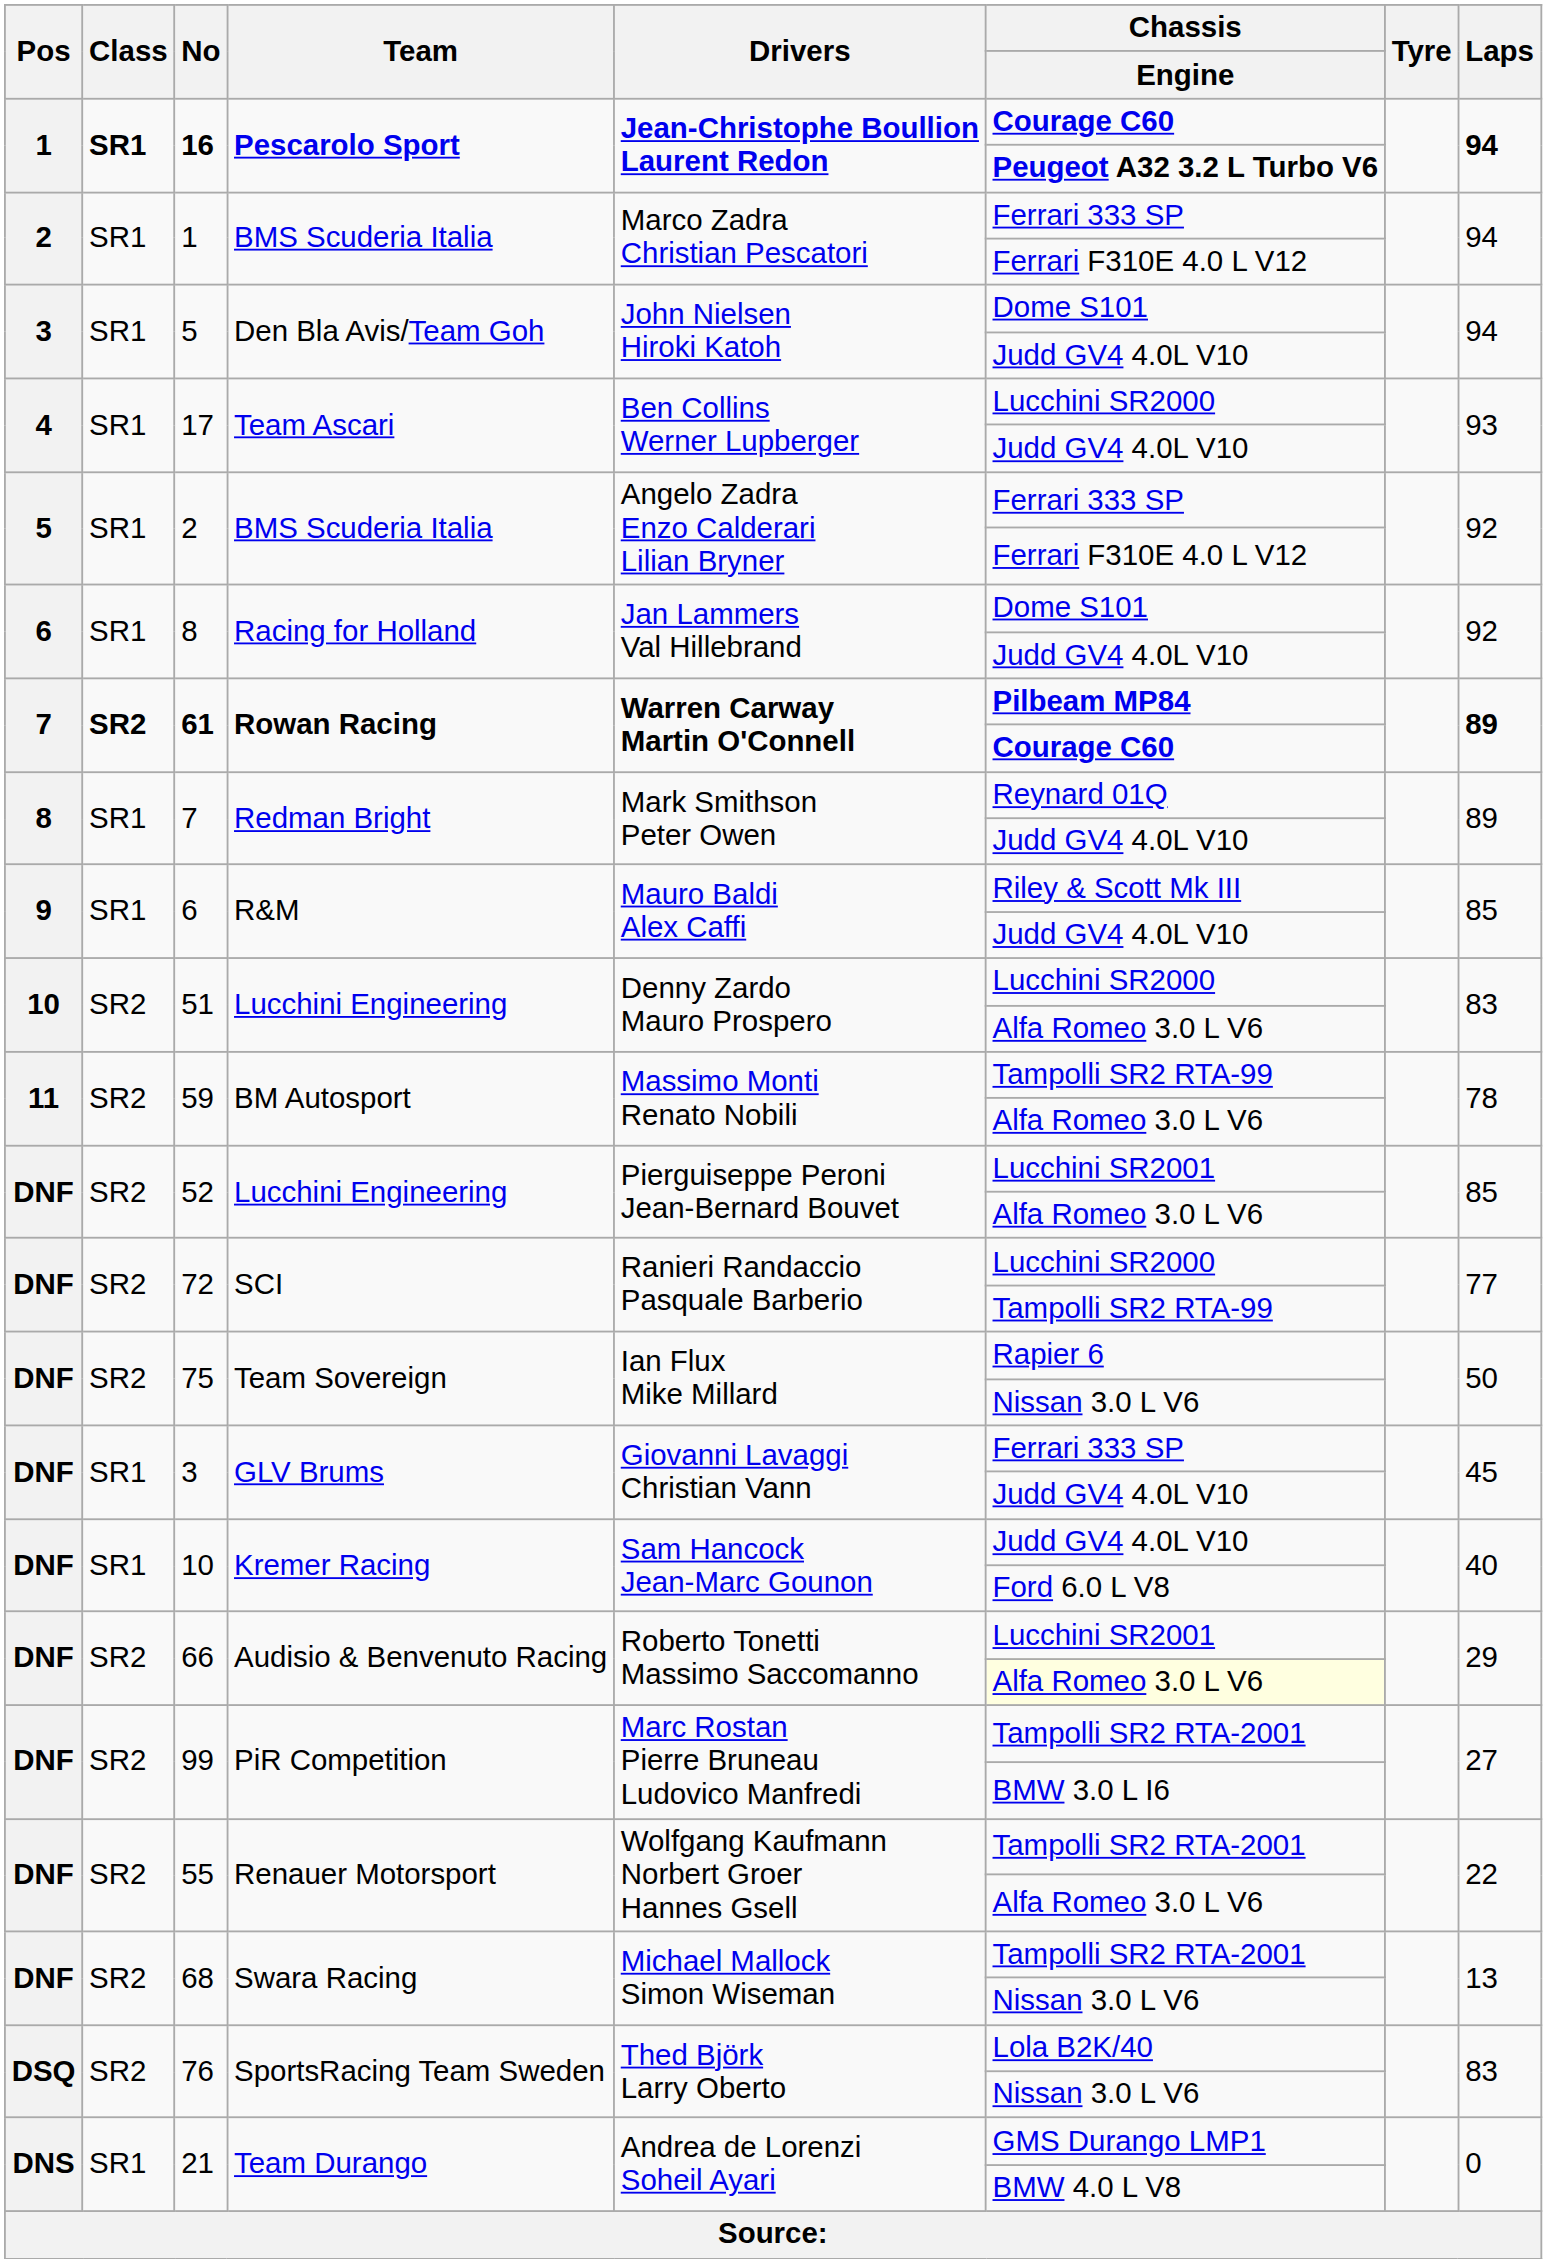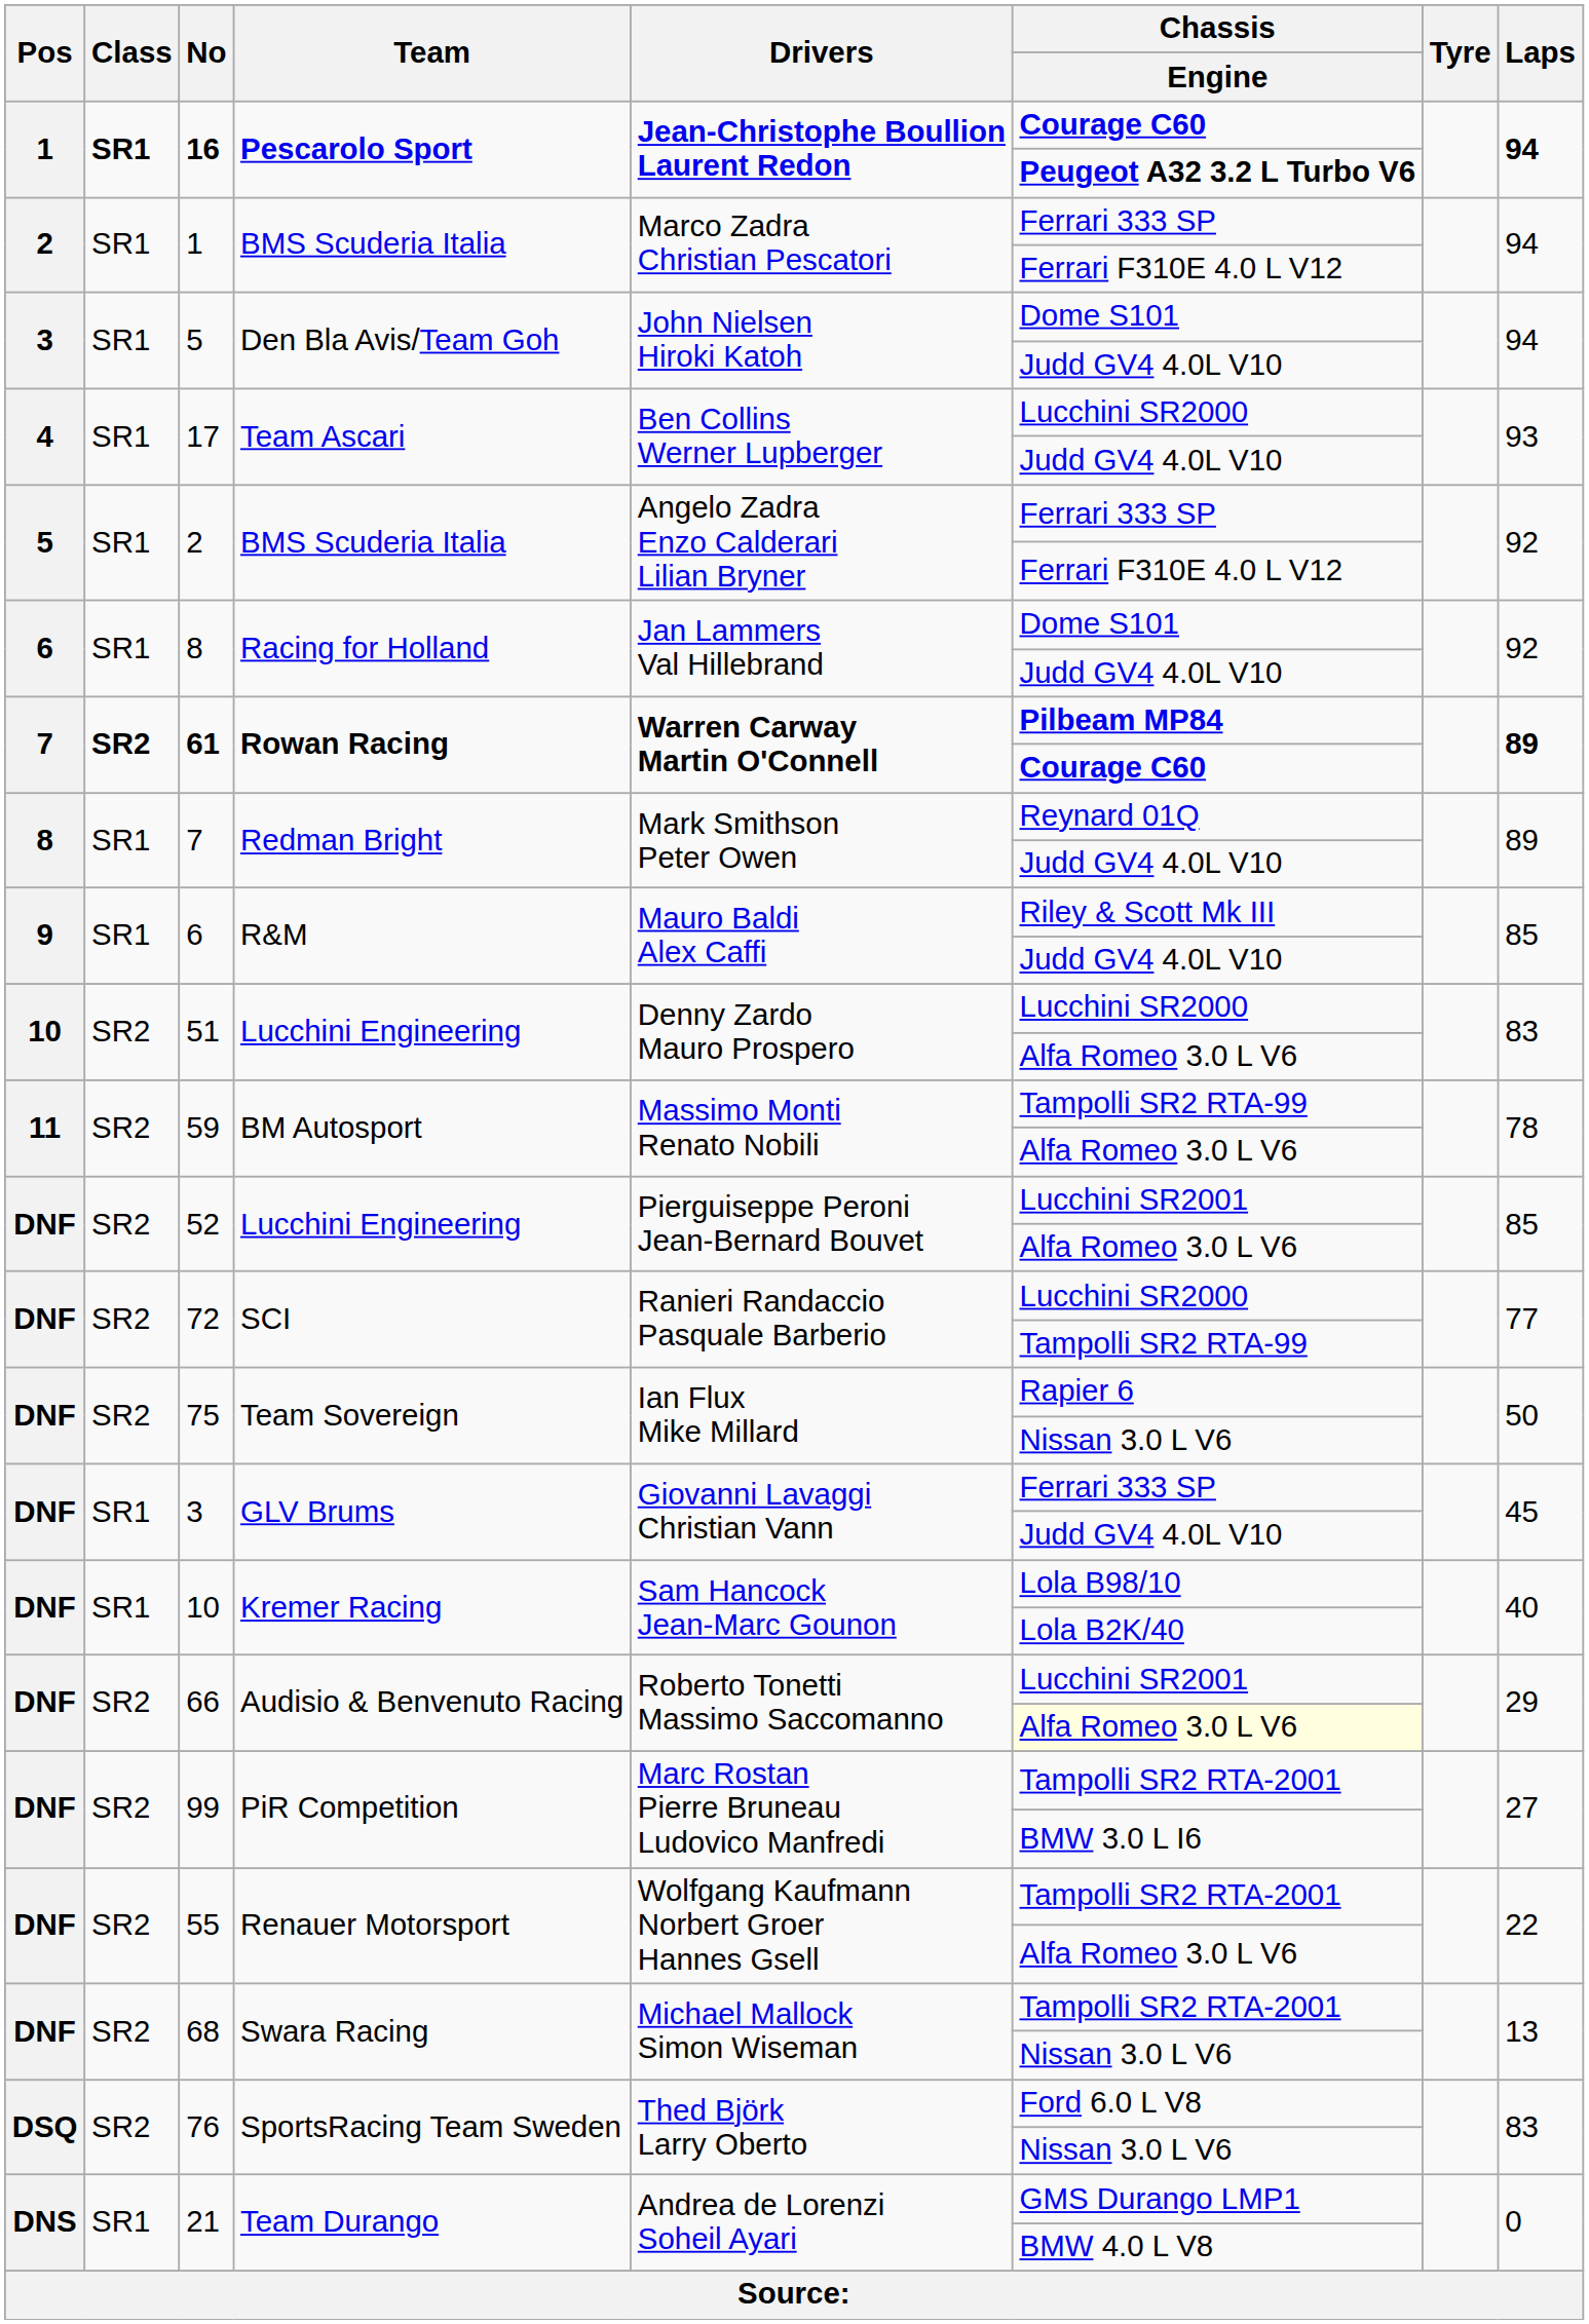 <table class="wikitable">
 <tr>
 <th rowspan="2">Pos</th>
 <th rowspan="2">Class</th>
 <th rowspan="2">No</th>
 <th rowspan="2">Team</th>
 <th rowspan="2">Drivers</th>
 <th>Chassis</th>
 <th rowspan="2">Tyre</th>
 <th rowspan="2">Laps</th>
 </tr>
 <tr>
 <th>Engine</th>
 </tr>
 <tr>
 <th rowspan="2">1</th>
 <td rowspan="2"><strong>SR1</strong></td>
 <td rowspan="2"><strong>16</strong></td>
 <td rowspan="2"><strong> <a href='#'>Pescarolo Sport</a></strong></td>
 <td rowspan="2"><strong> <a href='#'>Jean-Christophe Boullion</a><br> <a href='#'>Laurent Redon</a></strong></td>
 <td><strong><a href='#'>Courage C60</a></strong></td>
 <td rowspan="2"></td>
 <td rowspan="2"><strong>94</strong></td>
 </tr>
 <tr>
 <td><strong><a href='#'>Peugeot</a> A32 3.2 L Turbo V6</strong></td>
 </tr>
 <tr>
 <th rowspan="2">2</th>
 <td rowspan="2">SR1</td>
 <td rowspan="2">1</td>
 <td rowspan="2"> <a href='#'>BMS Scuderia Italia</a></td>
 <td rowspan="2"> Marco Zadra<br> <a href='#'>Christian Pescatori</a></td>
 <td><a href='#'>Ferrari 333 SP</a></td>
 <td rowspan="2"></td>
 <td rowspan="2">94</td>
 </tr>
 <tr>
 <td><a href='#'>Ferrari</a> F310E 4.0 L V12</td>
 </tr>
 <tr>
 <th rowspan="2">3</th>
 <td rowspan="2">SR1</td>
 <td rowspan="2">5</td>
 <td rowspan="2"> Den Bla Avis/<a href='#'>Team Goh</a></td>
 <td rowspan="2"> <a href='#'>John Nielsen</a><br> <a href='#'>Hiroki Katoh</a></td>
 <td><a href='#'>Dome S101</a></td>
 <td rowspan="2"></td>
 <td rowspan="2">94</td>
 </tr>
 <tr>
 <td><a href='#'>Judd GV4</a> 4.0L V10</td>
 </tr>
 <tr>
 <th rowspan="2">4</th>
 <td rowspan="2">SR1</td>
 <td rowspan="2">17</td>
 <td rowspan="2"> <a href='#'>Team Ascari</a></td>
 <td rowspan="2"> <a href='#'>Ben Collins</a><br> <a href='#'>Werner Lupberger</a></td>
 <td><a href='#'>Lucchini SR2000</a></td>
 <td rowspan="2"></td>
 <td rowspan="2">93</td>
 </tr>
 <tr>
 <td><a href='#'>Judd GV4</a> 4.0L V10</td>
 </tr>
 <tr>
 <th rowspan="2">5</th>
 <td rowspan="2">SR1</td>
 <td rowspan="2">2</td>
 <td rowspan="2"> <a href='#'>BMS Scuderia Italia</a></td>
 <td rowspan="2"> Angelo Zadra<br> <a href='#'>Enzo Calderari</a><br> <a href='#'>Lilian Bryner</a></td>
 <td><a href='#'>Ferrari 333 SP</a></td>
 <td rowspan="2"></td>
 <td rowspan="2">92</td>
 </tr>
 <tr>
 <td><a href='#'>Ferrari</a> F310E 4.0 L V12</td>
 </tr>
 <tr>
 <th rowspan="2">6</th>
 <td rowspan="2">SR1</td>
 <td rowspan="2">8</td>
 <td rowspan="2"> <a href='#'>Racing for Holland</a></td>
 <td rowspan="2"> <a href='#'>Jan Lammers</a><br> Val Hillebrand</td>
 <td><a href='#'>Dome S101</a></td>
 <td rowspan="2"></td>
 <td rowspan="2">92</td>
 </tr>
 <tr>
 <td><a href='#'>Judd GV4</a> 4.0L V10</td>
 </tr>
 <tr>
 <th rowspan="2">7</th>
 <td rowspan="2"><strong>SR2</strong></td>
 <td rowspan="2"><strong>61</strong></td>
 <td rowspan="2"><strong> Rowan Racing</strong></td>
 <td rowspan="2"><strong> Warren Carway<br> Martin O'Connell</strong></td>
 <td><a href='#'><strong>Pilbeam MP84</strong></a></td>
 <td rowspan="2"></td>
 <td rowspan="2"><strong>89</strong></td>
 </tr>
 <tr>
 <td><strong><a href='#'>Courage C60</a></strong></td>
 </tr>
 <tr>
 <th rowspan="2">8</th>
 <td rowspan="2">SR1</td>
 <td rowspan="2">7</td>
 <td rowspan="2"> <a href='#'>Redman Bright</a></td>
 <td rowspan="2"> Mark Smithson<br> Peter Owen</td>
 <td><a href='#'>Reynard 01Q</a></td>
 <td rowspan="2"></td>
 <td rowspan="2">89</td>
 </tr>
 <tr>
 <td><a href='#'>Judd GV4</a> 4.0L V10</td>
 </tr>
 <tr>
 <th rowspan="2">9</th>
 <td rowspan="2">SR1</td>
 <td rowspan="2">6</td>
 <td rowspan="2"> R&M</td>
 <td rowspan="2"> <a href='#'>Mauro Baldi</a><br> <a href='#'>Alex Caffi</a></td>
 <td><a href='#'>Riley & Scott Mk III</a></td>
 <td rowspan="2"></td>
 <td rowspan="2">85</td>
 </tr>
 <tr>
 <td><a href='#'>Judd GV4</a> 4.0L V10</td>
 </tr>
 <tr>
 <th rowspan="2">10</th>
 <td rowspan="2">SR2</td>
 <td rowspan="2">51</td>
 <td rowspan="2"> <a href='#'>Lucchini Engineering</a></td>
 <td rowspan="2"> Denny Zardo<br> Mauro Prospero</td>
 <td><a href='#'>Lucchini SR2000</a></td>
 <td rowspan="2"></td>
 <td rowspan="2">83</td>
 </tr>
 <tr>
 <td><a href='#'>Alfa Romeo</a> 3.0 L V6</td>
 </tr>
 <tr>
 <th rowspan="2">11</th>
 <td rowspan="2">SR2</td>
 <td rowspan="2">59</td>
 <td rowspan="2"> BM Autosport</td>
 <td rowspan="2"> <a href='#'>Massimo Monti</a><br> Renato Nobili</td>
 <td><a href='#'>Tampolli SR2 RTA-99</a></td>
 <td rowspan="2"></td>
 <td rowspan="2">78</td>
 </tr>
 <tr>
 <td><a href='#'>Alfa Romeo</a> 3.0 L V6</td>
 </tr>
 <tr>
 <th rowspan="2">DNF</th>
 <td rowspan="2">SR2</td>
 <td rowspan="2">52</td>
 <td rowspan="2"> <a href='#'>Lucchini Engineering</a></td>
 <td rowspan="2"> Pierguiseppe Peroni<br> Jean-Bernard Bouvet</td>
 <td><a href='#'>Lucchini SR2001</a></td>
 <td rowspan="2"></td>
 <td rowspan="2">85</td>
 </tr>
 <tr>
 <td><a href='#'>Alfa Romeo</a> 3.0 L V6</td>
 </tr>
 <tr>
 <th rowspan="2">DNF</th>
 <td rowspan="2">SR2</td>
 <td rowspan="2">72</td>
 <td rowspan="2"> SCI</td>
 <td rowspan="2"> Ranieri Randaccio<br> Pasquale Barberio</td>
 <td><a href='#'>Lucchini SR2000</a></td>
 <td rowspan="2"></td>
 <td rowspan="2">77</td>
 </tr>
 <tr>
 <td><a href='#'>Tampolli SR2 RTA-99</a></td>
 </tr>
 <tr>
 <th rowspan="2">DNF</th>
 <td rowspan="2">SR2</td>
 <td rowspan="2">75</td>
 <td rowspan="2"> Team Sovereign</td>
 <td rowspan="2"> Ian Flux<br> Mike Millard</td>
 <td><a href='#'>Rapier 6</a></td>
 <td rowspan="2"></td>
 <td rowspan="2">50</td>
 </tr>
 <tr>
 <td><a href='#'>Nissan</a> 3.0 L V6</td>
 </tr>
 <tr>
 <th rowspan="2">DNF</th>
 <td rowspan="2">SR1</td>
 <td rowspan="2">3</td>
 <td rowspan="2"> <a href='#'>GLV Brums</a></td>
 <td rowspan="2"> <a href='#'>Giovanni Lavaggi</a><br> Christian Vann</td>
 <td><a href='#'>Ferrari 333 SP</a></td>
 <td rowspan="2"></td>
 <td rowspan="2">45</td>
 </tr>
 <tr>
 <td><a href='#'>Judd GV4</a> 4.0L V10</td>
 </tr>
 <tr>
 <th rowspan="2">DNF</th>
 <td rowspan="2">SR1</td>
 <td rowspan="2">10</td>
 <td rowspan="2"> <a href='#'>Kremer Racing</a></td>
 <td rowspan="2"> <a href='#'>Sam Hancock</a><br> <a href='#'>Jean-Marc Gounon</a></td>
-<td><a href='#'>Judd GV4</a> 4.0L V10</td>
+<td><a href='#'>Lola B98/10</a></td>
 <td rowspan="2"></td>
 <td rowspan="2">40</td>
 </tr>
 <tr>
-<td><a href='#'>Ford</a> 6.0 L V8</td>
+<td><a href='#'>Lola B2K/40</a></td>
 </tr>
 <tr>
 <th rowspan="2">DNF</th>
 <td rowspan="2">SR2</td>
 <td rowspan="2">66</td>
 <td rowspan="2"> Audisio & Benvenuto Racing</td>
 <td rowspan="2"> Roberto Tonetti<br> Massimo Saccomanno</td>
 <td><a href='#'>Lucchini SR2001</a></td>
 <td rowspan="2"></td>
 <td rowspan="2">29</td>
 </tr>
 <tr>
 <td style="background: lightyellow;"><a href='#'>Alfa Romeo</a> 3.0 L V6</td>
 </tr>
 <tr>
 <th rowspan="2">DNF</th>
 <td rowspan="2">SR2</td>
 <td rowspan="2">99</td>
 <td rowspan="2"> PiR Competition</td>
 <td rowspan="2"> <a href='#'>Marc Rostan</a><br> Pierre Bruneau<br> Ludovico Manfredi</td>
 <td><a href='#'>Tampolli SR2 RTA-2001</a></td>
 <td rowspan="2"></td>
 <td rowspan="2">27</td>
 </tr>
 <tr>
 <td><a href='#'>BMW</a> 3.0 L I6</td>
 </tr>
 <tr>
 <th rowspan="2">DNF</th>
 <td rowspan="2">SR2</td>
 <td rowspan="2">55</td>
 <td rowspan="2"> Renauer Motorsport</td>
 <td rowspan="2"> Wolfgang Kaufmann<br> Norbert Groer<br> Hannes Gsell</td>
 <td><a href='#'>Tampolli SR2 RTA-2001</a></td>
 <td rowspan="2"></td>
 <td rowspan="2">22</td>
 </tr>
 <tr>
 <td><a href='#'>Alfa Romeo</a> 3.0 L V6</td>
 </tr>
 <tr>
 <th rowspan="2">DNF</th>
 <td rowspan="2">SR2</td>
 <td rowspan="2">68</td>
 <td rowspan="2"> Swara Racing</td>
 <td rowspan="2"> <a href='#'>Michael Mallock</a><br> Simon Wiseman</td>
 <td><a href='#'>Tampolli SR2 RTA-2001</a></td>
 <td rowspan="2"></td>
 <td rowspan="2">13</td>
 </tr>
 <tr>
 <td><a href='#'>Nissan</a> 3.0 L V6</td>
 </tr>
 <tr>
 <th rowspan="2">DSQ</th>
 <td rowspan="2">SR2</td>
 <td rowspan="2">76</td>
 <td rowspan="2"> SportsRacing Team Sweden</td>
 <td rowspan="2"> <a href='#'>Thed Björk</a><br> Larry Oberto</td>
-<td><a href='#'>Lola B2K/40</a></td>
+<td><a href='#'>Ford</a> 6.0 L V8</td>
 <td rowspan="2"></td>
 <td rowspan="2">83</td>
 </tr>
 <tr>
 <td><a href='#'>Nissan</a> 3.0 L V6</td>
 </tr>
 <tr>
 <th rowspan="2">DNS</th>
 <td rowspan="2">SR1</td>
 <td rowspan="2">21</td>
 <td rowspan="2"> <a href='#'>Team Durango</a></td>
 <td rowspan="2"> Andrea de Lorenzi<br> <a href='#'>Soheil Ayari</a></td>
 <td><a href='#'>GMS Durango LMP1</a></td>
 <td rowspan="2"></td>
 <td rowspan="2">0</td>
 </tr>
 <tr>
 <td><a href='#'>BMW</a> 4.0 L V8</td>
 </tr>
 <tr>
 <th colspan="8">Source:</th>
 </tr>
 </table>
